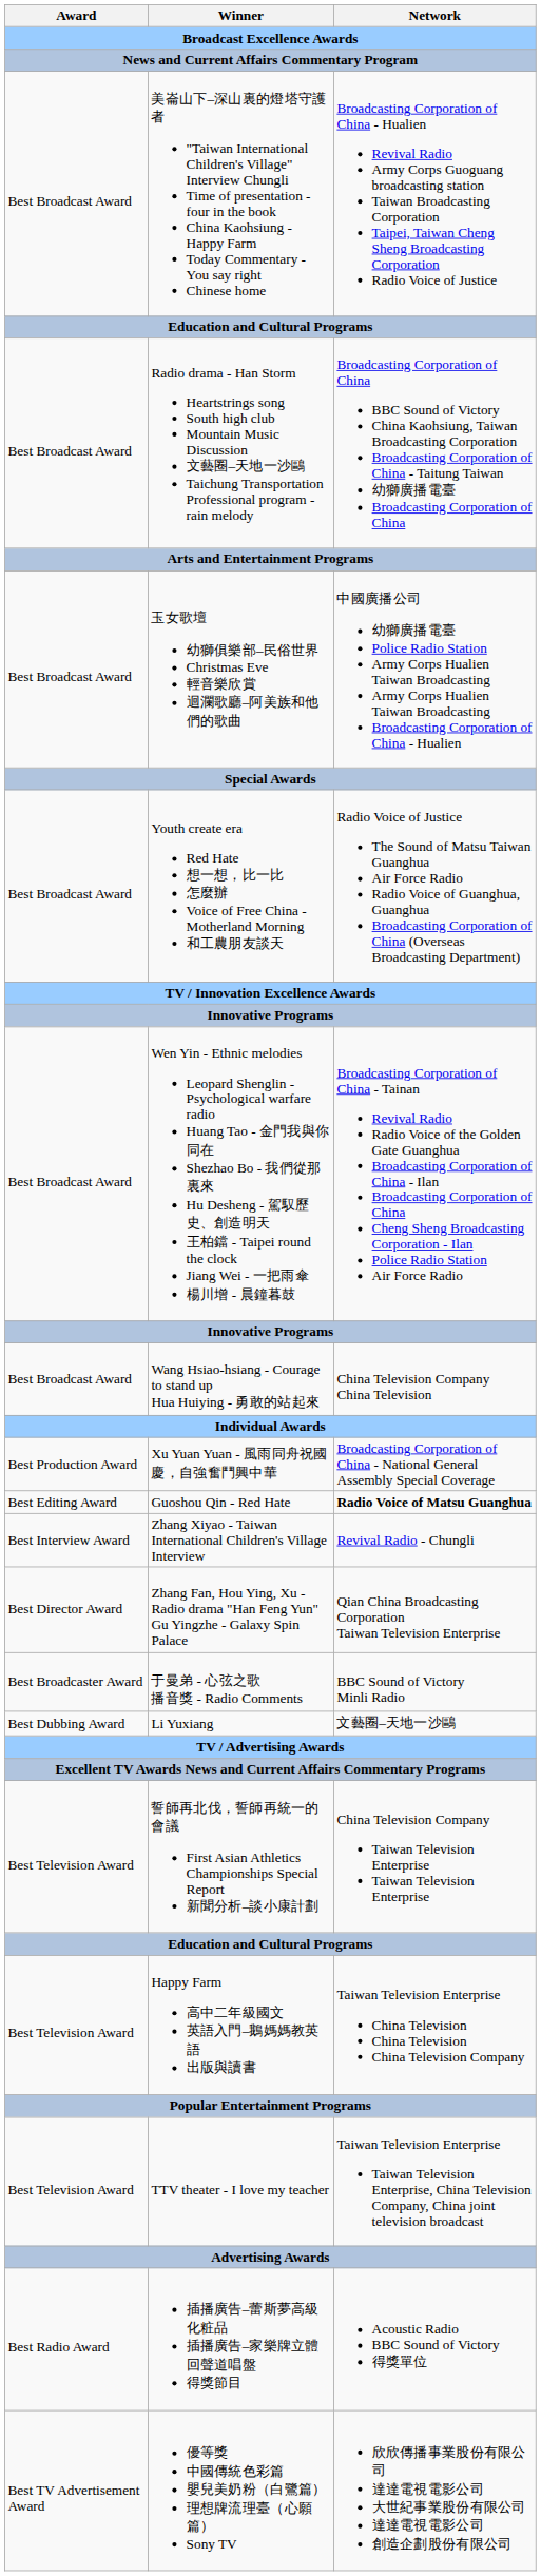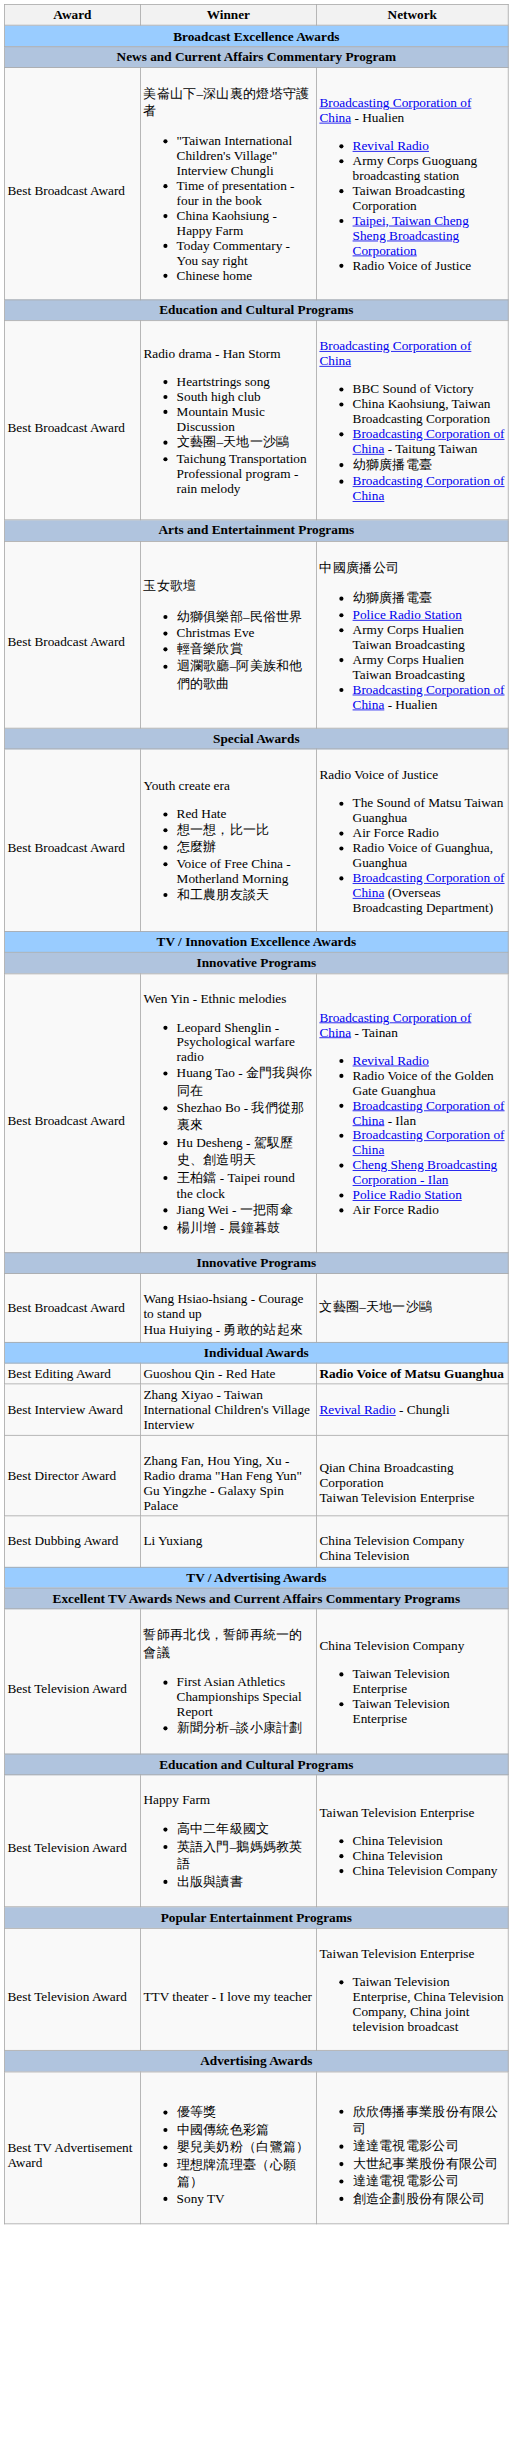 <table class="wikitable">
 <tr>
 <th style="width:200pt;">Award</th>
 <th style="width:240pt;">Winner</th>
 <th style="width:300pt;">Network</th>
 </tr>
 <tr>
 <th colspan=3 style="text-align:center;background:#99CCFF;">Broadcast Excellence Awards</th>
 </tr>
 <tr>
 <th colspan=3 style="text-align:center;background: LightSteelBlue;">News and Current Affairs Commentary Program</th>
 </tr>
 <tr>
 <td><br>Best Broadcast Award</td>
 <td><br>美崙山下–深山裏的燈塔守護者<ul><li>"Taiwan International Children's Village" Interview Chungli</li><li>Time of presentation - four in the book</li><li>China Kaohsiung - Happy Farm</li><li>Today Commentary - You say right</li><li>Chinese home</li></ul></td>
 <td><br><a href='#'>Broadcasting Corporation of China</a> - Hualien<ul><li><a href='#'>Revival Radio</a></li><li>Army Corps Guoguang broadcasting station</li><li>Taiwan Broadcasting Corporation</li><li><a href='#'>Taipei, Taiwan Cheng Sheng Broadcasting Corporation</a></li><li>Radio Voice of Justice</li></ul></td>
 </tr>
 <tr>
 <th colspan=3 style="text-align:center;background: LightSteelBlue;">Education and Cultural Programs</th>
 </tr>
 <tr>
 <td><br>Best Broadcast Award</td>
 <td><br>Radio drama - Han Storm<ul><li>Heartstrings song</li><li>South high club</li><li>Mountain Music Discussion</li><li>文藝圈–天地一沙鷗</li><li>Taichung Transportation Professional program - rain melody</li></ul></td>
 <td><br><a href='#'>Broadcasting Corporation of China</a><ul><li>BBC Sound of Victory</li><li>China Kaohsiung, Taiwan Broadcasting Corporation</li><li><a href='#'>Broadcasting Corporation of China</a> - Taitung Taiwan</li><li>幼獅廣播電臺</li><li><a href='#'>Broadcasting Corporation of China</a></li></ul></td>
 </tr>
 <tr>
 <th colspan=3 style="text-align:center;background: LightSteelBlue;">Arts and Entertainment Programs</th>
 </tr>
 <tr>
 <td><br>Best Broadcast Award</td>
 <td><br>玉女歌壇<ul><li>幼獅俱樂部–民俗世界</li><li>Christmas Eve</li><li>輕音樂欣賞</li><li>迴瀾歌廳–阿美族和他們的歌曲</li></ul></td>
 <td><br>中國廣播公司<ul><li>幼獅廣播電臺</li><li><a href='#'>Police Radio Station</a></li><li>Army Corps Hualien Taiwan Broadcasting</li><li>Army Corps Hualien Taiwan Broadcasting</li><li><a href='#'>Broadcasting Corporation of China</a> - Hualien</li></ul></td>
 </tr>
 <tr>
 <th colspan=3 style="text-align:center;background: LightSteelBlue;">Special Awards</th>
 </tr>
 <tr>
 <td><br>Best Broadcast Award</td>
 <td><br>Youth create era<ul><li>Red Hate</li><li>想一想，比一比</li><li>怎麼辦</li><li>Voice of Free China - Motherland Morning</li><li>和工農朋友談天</li></ul></td>
 <td><br>Radio Voice of Justice<ul><li>The Sound of Matsu Taiwan Guanghua</li><li>Air Force Radio</li><li>Radio Voice of Guanghua, Guanghua</li><li><a href='#'>Broadcasting Corporation of China</a> (Overseas Broadcasting Department)</li></ul></td>
 </tr>
 <tr>
 <th colspan=3 style="text-align:center;background:#99CCFF;">TV / Innovation Excellence Awards</th>
 </tr>
 <tr>
 <th colspan=3 style="text-align:center;background: LightSteelBlue;">Innovative Programs</th>
 </tr>
 <tr>
 <td><br>Best Broadcast Award</td>
 <td><br>Wen Yin - Ethnic melodies<ul><li>Leopard Shenglin - Psychological warfare radio</li><li>Huang Tao - 金門我與你同在</li><li>Shezhao Bo - 我們從那裏來</li><li>Hu Desheng - 駕馭歷史、創造明天</li><li>王柏鐺 - Taipei round the clock</li><li>Jiang Wei - 一把雨傘</li><li>楊川增 - 晨鐘暮鼓</li></ul></td>
 <td><br><a href='#'>Broadcasting Corporation of China</a> - Tainan<ul><li><a href='#'>Revival Radio</a></li><li>Radio Voice of the Golden Gate Guanghua</li><li><a href='#'>Broadcasting Corporation of China</a> - Ilan</li><li><a href='#'>Broadcasting Corporation of China</a></li><li><a href='#'>Cheng Sheng Broadcasting Corporation - Ilan</a></li><li><a href='#'>Police Radio Station</a></li><li>Air Force Radio</li></ul></td>
 </tr>
 <tr>
 <th colspan=3 style="text-align:center;background: LightSteelBlue;">Innovative Programs</th>
 </tr>
 <tr>
 <td>Best Broadcast Award</td>
 <td><br>Wang Hsiao-hsiang - Courage to stand up <br>Hua Huiying - 勇敢的站起來</td>
-<td><br>China Television Company <br>China Television</td>
+<td>文藝圈–天地一沙鷗</td>
 </tr>
 <tr>
 <th colspan=3 style="text-align:center;background:#99CCFF;">Individual Awards</th>
-</tr>
-<tr>
-<td>Best Production Award</td>
-<td>Xu Yuan Yuan - 風雨同舟祝國慶，自強奮鬥興中華</td>
-<td><a href='#'>Broadcasting Corporation of China</a> - National General Assembly Special Coverage</td>
 </tr>
 <tr>
 <td>Best Editing Award</td>
 <td>Guoshou Qin - Red Hate</td>
 <td><strong>Radio Voice of Matsu Guanghua</strong></td>
 </tr>
 <tr>
 <td>Best Interview Award</td>
 <td>Zhang Xiyao - Taiwan International Children's Village Interview</td>
 <td><a href='#'>Revival Radio</a> - Chungli</td>
 </tr>
 <tr>
 <td>Best Director Award</td>
 <td><br>Zhang Fan, Hou Ying, Xu - Radio drama "Han Feng Yun" <br>Gu Yingzhe - Galaxy Spin Palace</td>
 <td><br>Qian China Broadcasting Corporation <br>Taiwan Television Enterprise</td>
 </tr>
 <tr>
-<td>Best Broadcaster Award</td>
-<td><br>于曼弟 - 心弦之歌 <br>播音獎 - Radio Comments</td>
-<td><br>BBC Sound of Victory <br>Minli Radio</td>
-</tr>
-<tr>
 <td>Best Dubbing Award</td>
 <td>Li Yuxiang</td>
-<td>文藝圈–天地一沙鷗</td>
+<td><br>China Television Company <br>China Television</td>
 </tr>
 <tr>
 <th colspan=3 style="text-align:center;background:#99CCFF;">TV / Advertising Awards</th>
 </tr>
 <tr>
 <th colspan=3 style="text-align:center;background: LightSteelBlue;">Excellent TV Awards News and Current Affairs Commentary Programs</th>
 </tr>
 <tr>
 <td><br>Best Television Award</td>
 <td><br>誓師再北伐，誓師再統一的會議<ul><li>First Asian Athletics Championships Special Report</li><li>新聞分析–談小康計劃</li></ul></td>
 <td><br>China Television Company<ul><li>Taiwan Television Enterprise</li><li>Taiwan Television Enterprise</li></ul></td>
 </tr>
 <tr>
 <th colspan=3 style="text-align:center;background: LightSteelBlue;">Education and Cultural Programs</th>
 </tr>
 <tr>
 <td><br>Best Television Award</td>
 <td><br>Happy Farm<ul><li>高中二年級國文</li><li>英語入門–鵝媽媽教英語</li><li>出版與讀書</li></ul></td>
 <td><br>Taiwan Television Enterprise<ul><li>China Television</li><li>China Television</li><li>China Television Company</li></ul></td>
 </tr>
 <tr>
 <th colspan=3 style="text-align:center;background: LightSteelBlue;">Popular Entertainment Programs</th>
 </tr>
 <tr>
 <td><br>Best Television Award</td>
 <td><br>TTV theater - I love my teacher</td>
 <td><br>Taiwan Television Enterprise<ul><li>Taiwan Television Enterprise, China Television Company, China joint television broadcast</li></ul></td>
 </tr>
 <tr>
 <th colspan=3 style="text-align:center;background: LightSteelBlue;">Advertising Awards</th>
 </tr>
 <tr>
-<td><br>Best Radio Award</td>
-<td><br><ul><li>插播廣告–蕾斯夢高級化粧品</li><li>插播廣告–家樂牌立體回聲道唱盤</li><li>得獎節目</li></ul></td>
-<td><br><ul><li>Acoustic Radio</li><li>BBC Sound of Victory</li><li>得獎單位</li></ul></td>
-</tr>
-<tr>
 <td><br>Best TV Advertisement Award</td>
 <td><br><ul><li>優等獎</li><li>中國傳統色彩篇</li><li>嬰兒美奶粉（白鷺篇）</li><li>理想牌流理臺（心願篇）</li><li>Sony TV</li></ul></td>
 <td><br><ul><li>欣欣傳播事業股份有限公司</li><li>達達電視電影公司</li><li>大世紀事業股份有限公司</li><li>達達電視電影公司</li><li>創造企劃股份有限公司</li></ul></td>
 </tr>
 </table>
